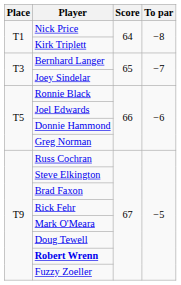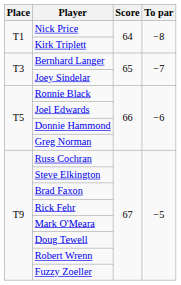 <table class="wikitable">
 <tr>
 <th>Place</th>
 <th>Player</th>
 <th>Score</th>
 <th>To par</th>
 </tr>
 <tr>
 <td rowspan=2 align=center>T1</td>
 <td> <a href='#'>Nick Price</a></td>
 <td rowspan=2 align=center>64</td>
 <td rowspan=2 align=center>−8</td>
 </tr>
 <tr>
 <td> <a href='#'>Kirk Triplett</a></td>
 </tr>
 <tr>
 <td rowspan=2 align=center>T3</td>
 <td> <a href='#'>Bernhard Langer</a></td>
 <td rowspan=2 align=center>65</td>
 <td rowspan=2 align=center>−7</td>
 </tr>
 <tr>
 <td> <a href='#'>Joey Sindelar</a></td>
 </tr>
 <tr>
 <td rowspan=4 align=center>T5</td>
 <td> <a href='#'>Ronnie Black</a></td>
 <td rowspan=4 align=center>66</td>
 <td rowspan=4 align=center>−6</td>
 </tr>
 <tr>
 <td> <a href='#'>Joel Edwards</a></td>
 </tr>
 <tr>
 <td> <a href='#'>Donnie Hammond</a></td>
 </tr>
 <tr>
 <td> <a href='#'>Greg Norman</a></td>
 </tr>
 <tr>
 <td rowspan=8 align=center>T9</td>
 <td> <a href='#'>Russ Cochran</a></td>
 <td rowspan=8 align=center>67</td>
 <td rowspan=8 align=center>−5</td>
 </tr>
 <tr>
 <td> <a href='#'>Steve Elkington</a></td>
 </tr>
 <tr>
 <td> <a href='#'>Brad Faxon</a></td>
 </tr>
 <tr>
 <td> <a href='#'>Rick Fehr</a></td>
 </tr>
 <tr>
 <td> <a href='#'>Mark O'Meara</a></td>
 </tr>
 <tr>
 <td> <a href='#'>Doug Tewell</a></td>
 </tr>
 <tr>
-<td><strong> <a href='#'>Robert Wrenn</a></strong></td>
+<td> <a href='#'>Robert Wrenn</a></td>
 </tr>
 <tr>
 <td> <a href='#'>Fuzzy Zoeller</a></td>
 </tr>
 </table>
